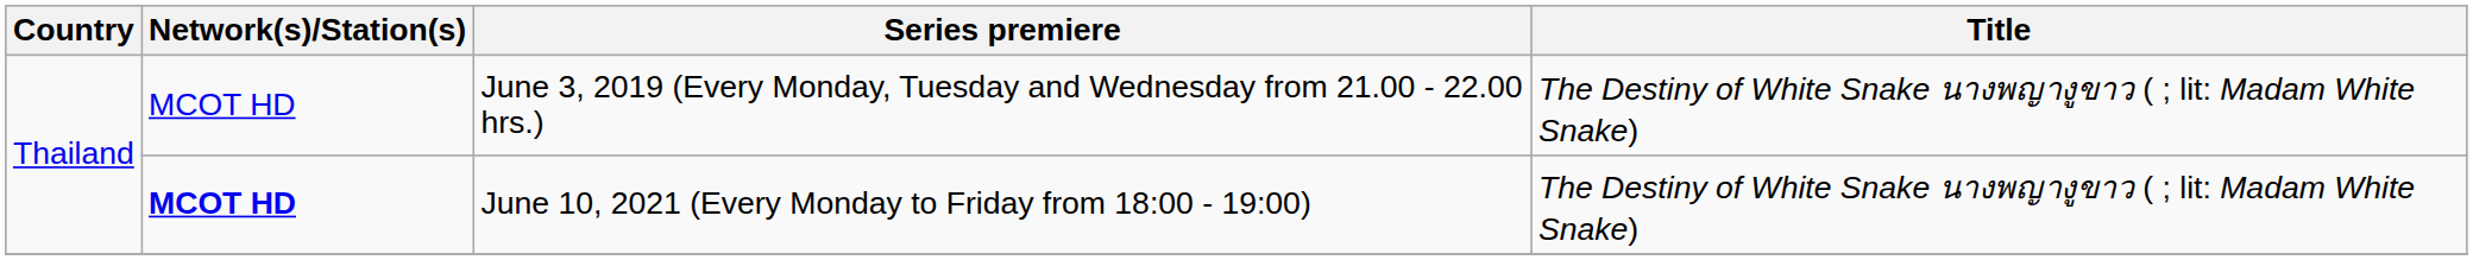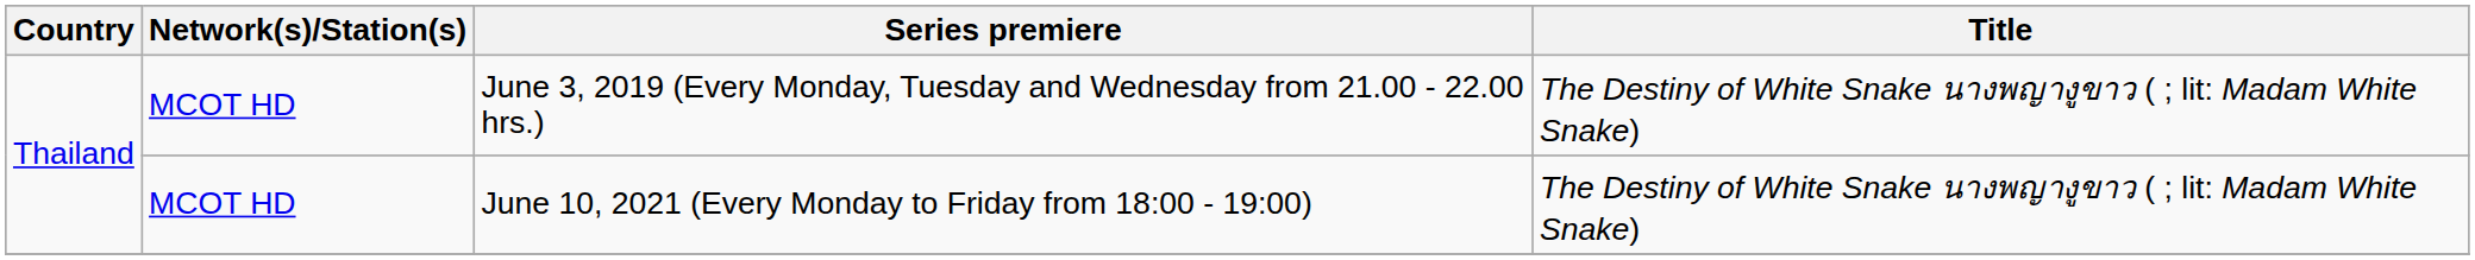 <table class="sortable wikitable">
 <tr>
 <th>Country</th>
 <th>Network(s)/Station(s)</th>
 <th>Series premiere</th>
 <th>Title</th>
 </tr>
 <tr>
 <td rowspan="2"> <a href='#'>Thailand</a></td>
 <td><a href='#'>MCOT HD</a></td>
 <td>June 3, 2019 (Every Monday, Tuesday and Wednesday from 21.00 - 22.00 hrs.)</td>
 <td><em>The Destiny of White Snake นางพญางูขาว</em> (<em> </em>; lit: <em>Madam White Snake</em>)</td>
 </tr>
 <tr>
-<td><strong><a href='#'>MCOT HD</a></strong></td>
+<td><a href='#'>MCOT HD</a></td>
 <td>June 10, 2021 (Every Monday to Friday from 18:00 - 19:00)</td>
 <td><em>The Destiny of White Snake นางพญางูขาว</em> (<em> </em>; lit: <em>Madam White Snake</em>)</td>
 </tr>
 <tr>
 </tr>
 </table>
